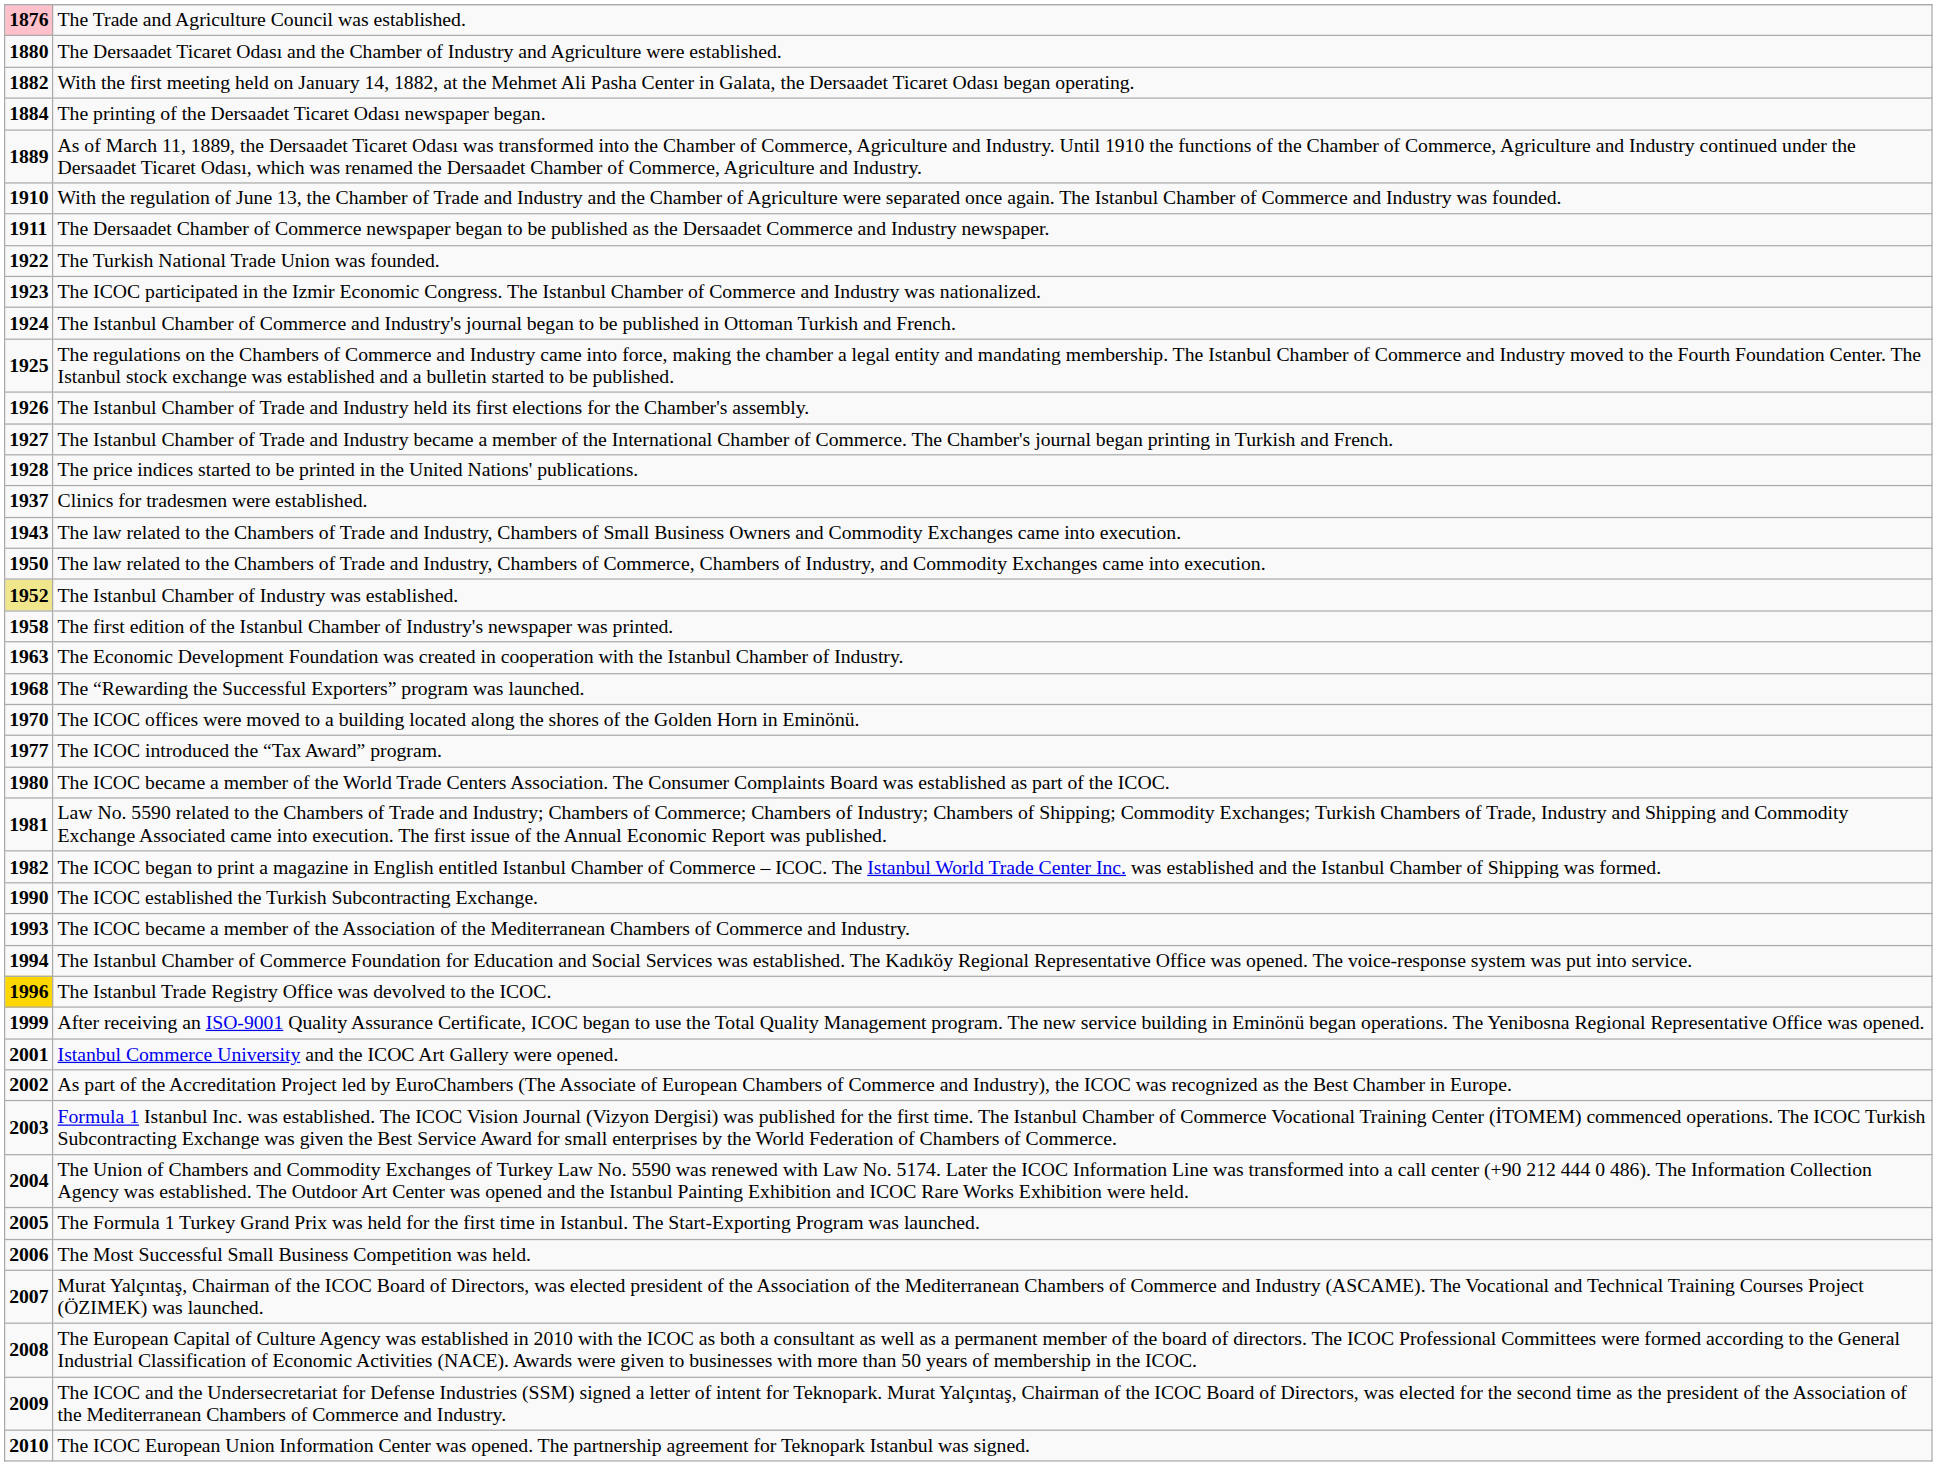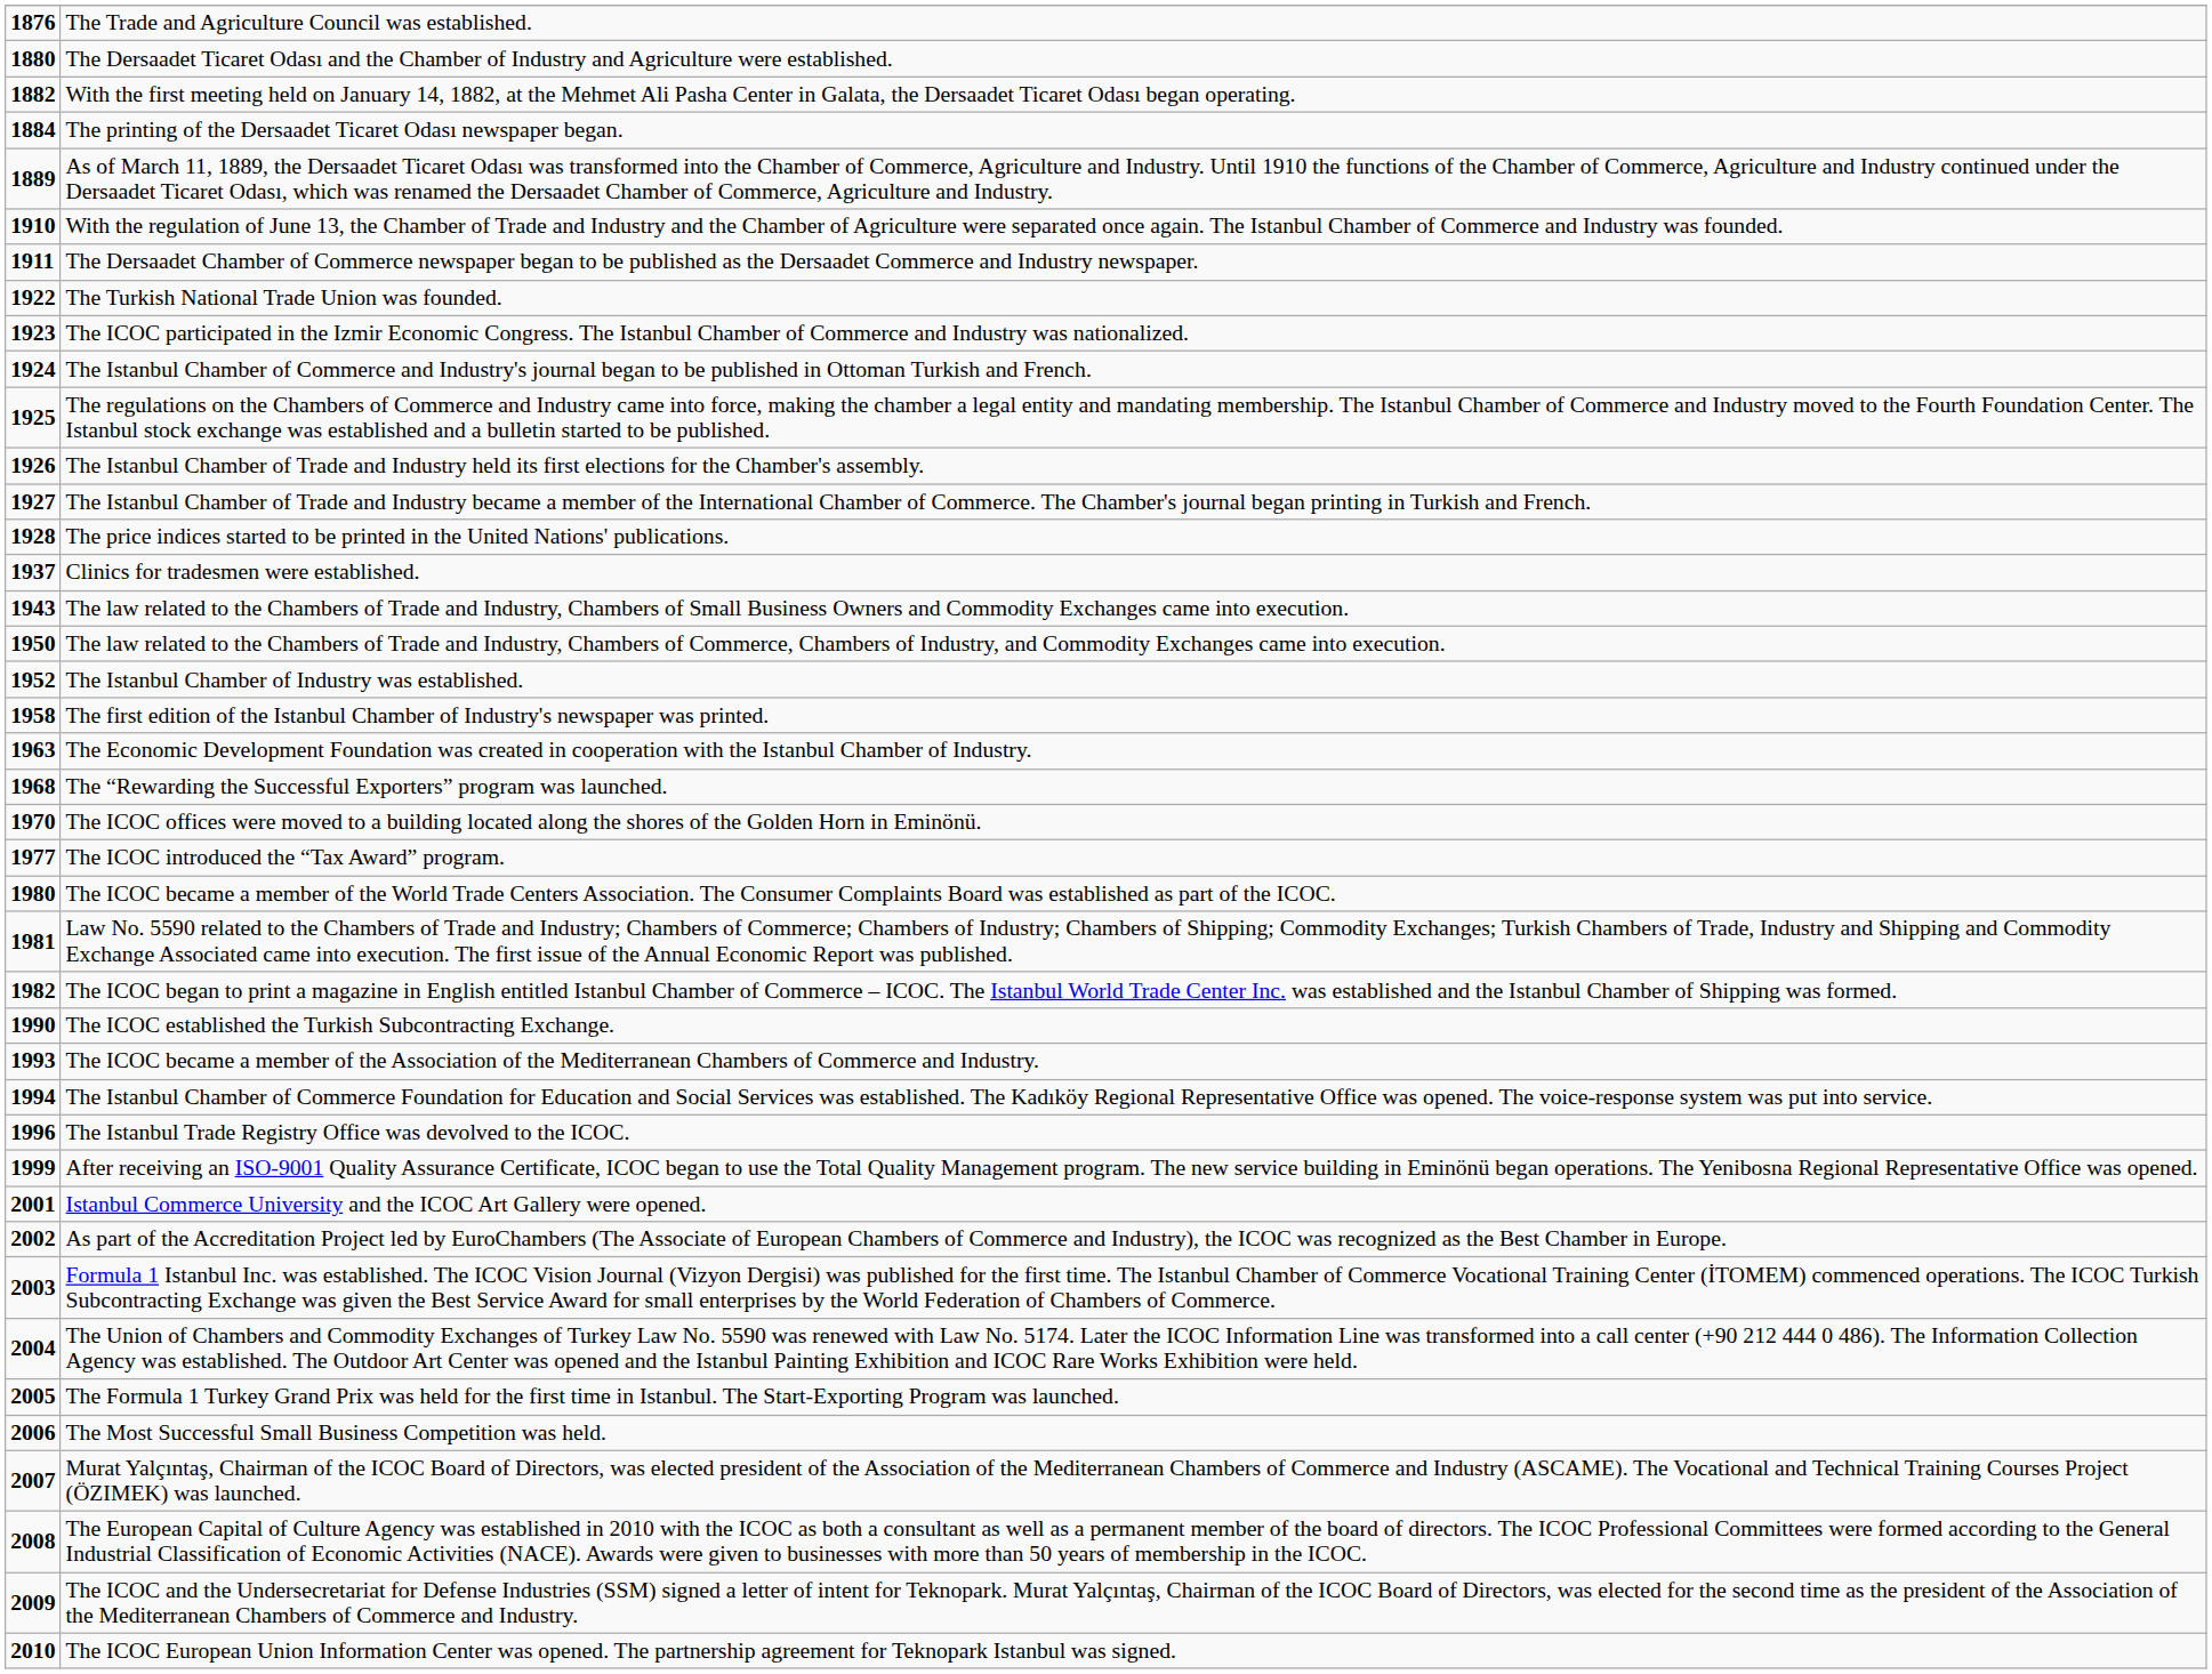 <table class="wikitable">
 <tr>
 </tr>
 <tr>
-<td style="background: pink;"><strong>1876</strong></td>
+<td><strong>1876</strong></td>
 <td>The Trade and Agriculture Council was established.</td>
 </tr>
 <tr>
 <td><strong>1880</strong></td>
 <td>The Dersaadet Ticaret Odası and the Chamber of Industry and Agriculture were established.</td>
 </tr>
 <tr>
 <td><strong>1882</strong></td>
 <td>With the first meeting held on January 14, 1882, at the Mehmet Ali Pasha Center in Galata, the Dersaadet Ticaret Odası began operating.</td>
 </tr>
 <tr>
 <td><strong>1884</strong></td>
 <td>The printing of the Dersaadet Ticaret Odası newspaper began.</td>
 </tr>
 <tr>
 <td><strong>1889</strong></td>
 <td>As of March 11, 1889, the Dersaadet Ticaret Odası was transformed into the Chamber of Commerce, Agriculture and Industry. Until 1910 the functions of the Chamber of Commerce, Agriculture and Industry continued under the Dersaadet Ticaret Odası, which was renamed the Dersaadet Chamber of Commerce, Agriculture and Industry.</td>
 </tr>
 <tr>
 <td><strong>1910</strong></td>
 <td>With the regulation of June 13, the Chamber of Trade and Industry and the Chamber of Agriculture were separated once again. The Istanbul Chamber of Commerce and Industry was founded.</td>
 </tr>
 <tr>
 <td><strong>1911</strong></td>
 <td>The Dersaadet Chamber of Commerce newspaper began to be published as the Dersaadet  Commerce and Industry newspaper.</td>
 </tr>
 <tr>
 <td><strong>1922</strong></td>
 <td>The Turkish National Trade Union was founded.</td>
 </tr>
 <tr>
 <td><strong>1923</strong></td>
 <td>The ICOC participated in the Izmir Economic Congress. The Istanbul Chamber of Commerce and Industry was nationalized.</td>
 </tr>
 <tr>
 <td><strong>1924</strong></td>
 <td>The Istanbul Chamber of Commerce and Industry's journal began to be published in Ottoman Turkish and French.</td>
 </tr>
 <tr>
 <td><strong>1925</strong></td>
 <td>The regulations on the Chambers of Commerce and Industry came into force, making the chamber a legal entity and mandating membership. The Istanbul Chamber of Commerce and Industry moved to the Fourth Foundation Center. The Istanbul stock exchange was established and a bulletin started to be published.</td>
 </tr>
 <tr>
 <td><strong>1926</strong></td>
 <td>The Istanbul Chamber of Trade and Industry held its first elections for the Chamber's assembly.</td>
 </tr>
 <tr>
 <td><strong>1927</strong></td>
 <td>The Istanbul Chamber of Trade and Industry became a member of the International Chamber of Commerce. The Chamber's journal began printing in Turkish and French.</td>
 </tr>
 <tr>
 <td><strong>1928</strong></td>
 <td>The price indices started to be printed in the United Nations' publications.</td>
 </tr>
 <tr>
 <td><strong>1937</strong></td>
 <td>Clinics for tradesmen were established.</td>
 </tr>
 <tr>
 <td><strong>1943</strong></td>
 <td>The law related to the Chambers of Trade and Industry, Chambers of Small Business Owners and Commodity Exchanges came into execution.</td>
 </tr>
 <tr>
 <td><strong>1950</strong></td>
 <td>The law related to the Chambers of Trade and Industry, Chambers of Commerce, Chambers of Industry, and Commodity Exchanges came into execution.</td>
 </tr>
 <tr>
-<td style="background: khaki;"><strong>1952</strong></td>
+<td><strong>1952</strong></td>
 <td>The Istanbul Chamber of Industry was established.</td>
 </tr>
 <tr>
 <td><strong>1958</strong></td>
 <td>The first edition of the Istanbul Chamber of Industry's newspaper was printed.</td>
 </tr>
 <tr>
 <td><strong>1963</strong></td>
 <td>The Economic Development Foundation was created in cooperation with the Istanbul Chamber of Industry.</td>
 </tr>
 <tr>
 <td><strong>1968</strong></td>
 <td>The “Rewarding the Successful Exporters” program was launched.</td>
 </tr>
 <tr>
 <td><strong>1970</strong></td>
 <td>The ICOC offices were moved to a building located along the shores of the Golden Horn in Eminönü.</td>
 </tr>
 <tr>
 <td><strong>1977</strong></td>
 <td>The ICOC introduced the “Tax Award” program.</td>
 </tr>
 <tr>
 <td><strong>1980</strong></td>
 <td>The ICOC became a member of the World Trade Centers Association. The Consumer Complaints Board was established as part of the ICOC.</td>
 </tr>
 <tr>
 <td><strong>1981</strong></td>
 <td>Law No. 5590 related to the Chambers of Trade and Industry; Chambers of Commerce; Chambers of Industry; Chambers of Shipping; Commodity Exchanges; Turkish Chambers of Trade, Industry and Shipping and Commodity Exchange Associated came into execution. The first issue of the Annual Economic Report was published.</td>
 </tr>
 <tr>
 <td><strong>1982</strong></td>
 <td>The ICOC began to print a magazine in English entitled Istanbul Chamber of Commerce – ICOC. The <a href='#'>Istanbul World Trade Center Inc.</a> was established and the Istanbul Chamber of Shipping was formed.</td>
 </tr>
 <tr>
 <td><strong>1990</strong></td>
 <td>The ICOC established the Turkish Subcontracting Exchange.</td>
 </tr>
 <tr>
 <td><strong>1993</strong></td>
 <td>The ICOC became a member of the Association of the Mediterranean Chambers of Commerce and Industry.</td>
 </tr>
 <tr>
 <td><strong>1994</strong></td>
 <td>The Istanbul Chamber of Commerce Foundation for Education and Social Services was established. The Kadıköy Regional Representative Office was opened. The voice-response system was put into service.</td>
 </tr>
 <tr>
-<td style="background: gold;"><strong>1996</strong></td>
+<td><strong>1996</strong></td>
 <td>The Istanbul Trade Registry Office was devolved to the ICOC.</td>
 </tr>
 <tr>
 <td><strong>1999</strong></td>
 <td>After receiving an <a href='#'>ISO-9001</a> Quality Assurance Certificate, ICOC began to use the Total Quality Management program. The new service building in Eminönü began operations. The Yenibosna Regional Representative Office was opened.</td>
 </tr>
 <tr>
 <td><strong>2001</strong></td>
 <td><a href='#'>Istanbul Commerce University</a> and the ICOC Art Gallery were opened.</td>
 </tr>
 <tr>
 <td><strong>2002</strong></td>
 <td>As part of the Accreditation Project led by EuroChambers (The Associate of European Chambers of Commerce and Industry), the ICOC was recognized as the Best Chamber in Europe.</td>
 </tr>
 <tr>
 <td><strong>2003</strong></td>
 <td><a href='#'>Formula 1</a> Istanbul Inc. was established. The ICOC Vision Journal (Vizyon Dergisi) was published for the first time. The Istanbul Chamber of Commerce Vocational Training Center (İTOMEM) commenced operations. The ICOC Turkish Subcontracting Exchange was given the Best Service Award for small enterprises by the World Federation of Chambers of Commerce.</td>
 </tr>
 <tr>
 <td><strong>2004</strong></td>
 <td>The Union of Chambers and Commodity Exchanges of Turkey Law No. 5590 was renewed with Law No. 5174. Later the ICOC Information Line was transformed into a call center (+90 212 444 0 486). The Information Collection Agency was established. The Outdoor Art Center was opened and the Istanbul Painting Exhibition and ICOC Rare Works Exhibition were held.</td>
 </tr>
 <tr>
 <td><strong>2005</strong></td>
 <td>The Formula 1 Turkey Grand Prix was held for the first time in Istanbul. The Start-Exporting Program was launched.</td>
 </tr>
 <tr>
 <td><strong>2006</strong></td>
 <td>The Most Successful Small Business Competition was held.</td>
 </tr>
 <tr>
 <td><strong>2007</strong></td>
 <td>Murat Yalçıntaş, Chairman of the ICOC Board of Directors, was elected president of the Association of the Mediterranean Chambers of Commerce and Industry (ASCAME). The Vocational and Technical Training Courses Project (ÖZIMEK) was launched.</td>
 </tr>
 <tr>
 <td><strong>2008</strong></td>
 <td>The European Capital of Culture Agency was established in 2010 with the ICOC as both a consultant as well as a permanent member of the board of directors. The ICOC Professional Committees were formed according to the General Industrial Classification of Economic Activities (NACE). Awards were given to businesses with more than 50 years of membership in the ICOC.</td>
 </tr>
 <tr>
 <td><strong>2009</strong></td>
 <td>The ICOC and the Undersecretariat for Defense Industries (SSM) signed a letter of intent for Teknopark. Murat Yalçıntaş, Chairman of the ICOC Board of Directors, was elected for the second time as the president of the Association of the Mediterranean Chambers of Commerce and Industry.</td>
 </tr>
 <tr>
 <td><strong>2010</strong></td>
 <td>The ICOC European Union Information Center was opened. The partnership agreement for Teknopark Istanbul was signed.</td>
 </tr>
 </table>
